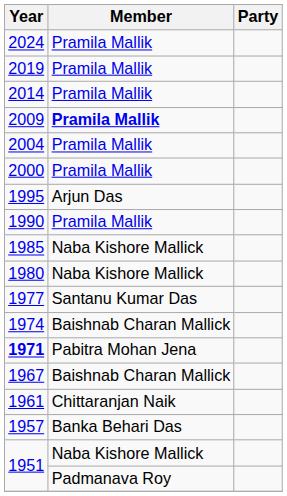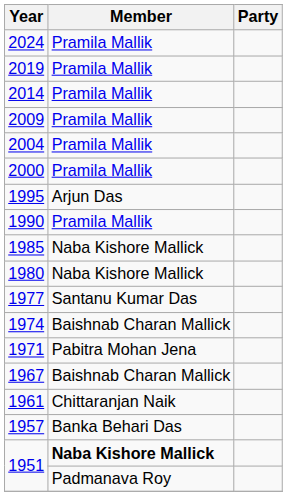 <table class="wikitable sortable">
 <tr>
 <th>Year</th>
 <th>Member</th>
 <th colspan=2>Party</th>
 </tr>
 <tr>
 <td><a href='#'>2024</a></td>
 <td><a href='#'>Pramila Mallik</a></td>
 <td></td>
 </tr>
 <tr>
 <td><a href='#'>2019</a></td>
 <td><a href='#'>Pramila Mallik</a></td>
 <td></td>
 </tr>
 <tr>
 <td><a href='#'>2014</a></td>
 <td><a href='#'>Pramila Mallik</a></td>
 <td></td>
 </tr>
 <tr>
 <td><a href='#'>2009</a></td>
-<td><strong><a href='#'>Pramila Mallik</a></strong></td>
+<td><a href='#'>Pramila Mallik</a></td>
 <td></td>
 </tr>
 <tr>
 <td><a href='#'>2004</a></td>
 <td><a href='#'>Pramila Mallik</a></td>
 <td></td>
 </tr>
 <tr>
 <td><a href='#'>2000</a></td>
 <td><a href='#'>Pramila Mallik</a></td>
 <td></td>
 </tr>
 <tr>
 <td><a href='#'>1995</a></td>
 <td>Arjun Das</td>
 <td></td>
 </tr>
 <tr>
 <td><a href='#'>1990</a></td>
 <td><a href='#'>Pramila Mallik</a></td>
 <td></td>
 </tr>
 <tr>
 <td><a href='#'>1985</a></td>
 <td>Naba Kishore Mallick</td>
 <td></td>
 </tr>
 <tr>
 <td><a href='#'>1980</a></td>
 <td>Naba Kishore Mallick</td>
 <td></td>
 </tr>
 <tr>
 <td><a href='#'>1977</a></td>
 <td>Santanu Kumar Das</td>
 <td></td>
 </tr>
 <tr>
 <td><a href='#'>1974</a></td>
 <td>Baishnab Charan Mallick</td>
 <td></td>
 </tr>
 <tr>
-<td><strong><a href='#'>1971</a></strong></td>
+<td><a href='#'>1971</a></td>
 <td>Pabitra Mohan Jena</td>
 <td></td>
 </tr>
 <tr>
 <td><a href='#'>1967</a></td>
 <td>Baishnab Charan Mallick</td>
 <td></td>
 </tr>
 <tr>
 <td><a href='#'>1961</a></td>
 <td>Chittaranjan Naik</td>
 <td></td>
 </tr>
 <tr>
 <td><a href='#'>1957</a></td>
 <td>Banka Behari Das</td>
 <td></td>
 </tr>
 <tr>
 <td rowspan="2"><a href='#'>1951</a></td>
-<td>Naba Kishore Mallick</td>
+<td><strong>Naba Kishore Mallick</strong></td>
 <td></td>
 </tr>
 <tr>
 <td>Padmanava Roy</td>
 <td></td>
 </tr>
 <tr>
 </tr>
 </table>
